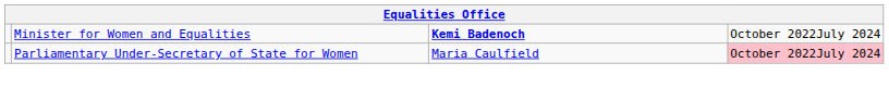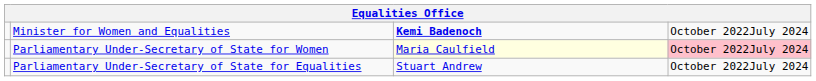 <table class="wikitable">
 <tr>
 <th colspan="4"><a href='#'>Equalities Office</a></th>
 </tr>
 <tr>
 <td style="width: 1px; background: "></td>
 <td style="width: 450px;"><a href='#'>Minister for Women and Equalities</a></td>
 <td style="width: 320px;"><strong><a href='#'>Kemi Badenoch</a></strong></td>
 <td>October 2022July 2024</td>
 </tr>
 <tr>
 <td style="width: 1px; background: "></td>
 <td rowspan="1"><a href='#'>Parliamentary Under-Secretary of State for Women</a></td>
-<td><a href='#'>Maria Caulfield</a></td>
+<td style="background: lightyellow;"><a href='#'>Maria Caulfield</a></td>
 <td style="background: pink;">October 2022July 2024</td>
 </tr>
+<tr>
+<td style="width: 1px; background: "></td>
+<td rowspan="1"><a href='#'>Parliamentary Under-Secretary of State for Equalities</a></td>
+<td><a href='#'>Stuart Andrew</a></td>
+<td>October 2022July 2024</td>
+</tr>
 </table>
